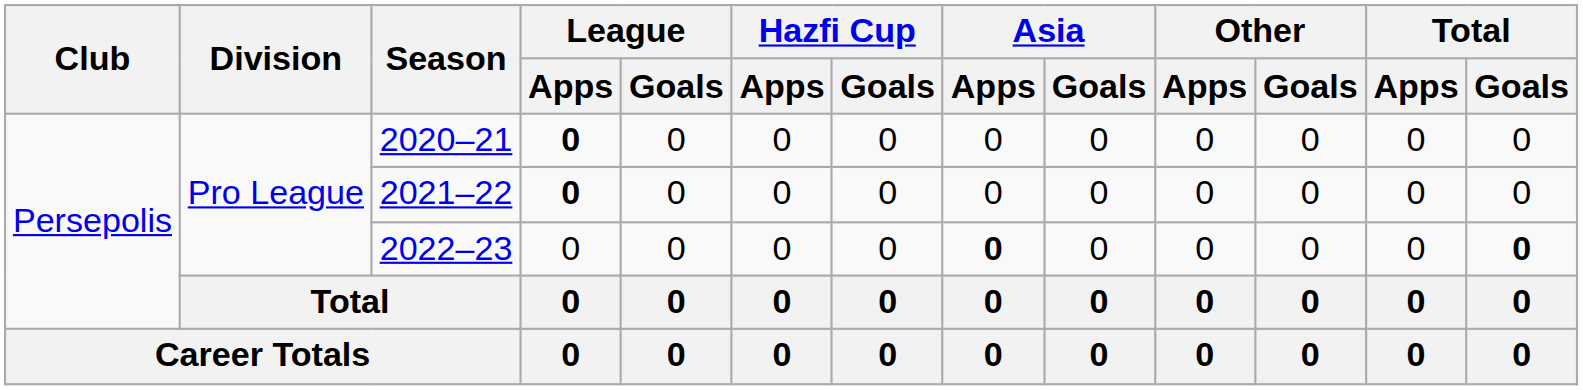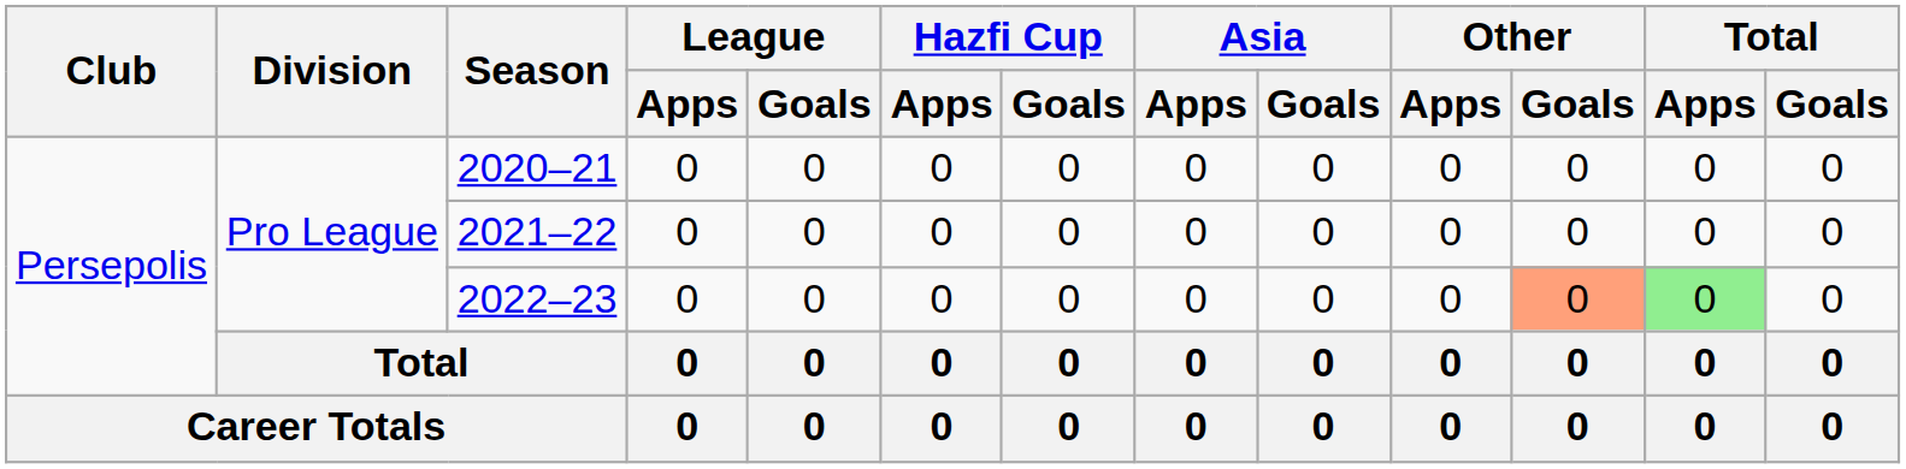 <table class="wikitable" style="text-align: center;">
 <tr>
 <th rowspan="2">Club</th>
 <th rowspan="2">Division</th>
 <th rowspan="2">Season</th>
 <th colspan="2">League</th>
 <th colspan="2"><a href='#'>Hazfi Cup</a></th>
 <th colspan="2"><a href='#'>Asia</a></th>
 <th colspan="2">Other</th>
 <th colspan="2">Total</th>
 </tr>
 <tr>
 <th>Apps</th>
 <th>Goals</th>
 <th>Apps</th>
 <th>Goals</th>
 <th>Apps</th>
 <th>Goals</th>
 <th>Apps</th>
 <th>Goals</th>
 <th>Apps</th>
 <th>Goals</th>
 </tr>
 <tr>
 <td rowspan="4"><a href='#'>Persepolis</a></td>
 <td rowspan="3"><a href='#'>Pro League</a></td>
 <td><a href='#'>2020–21</a></td>
-<td><strong>0</strong></td>
+<td>0</td>
 <td>0</td>
 <td>0</td>
 <td>0</td>
 <td>0</td>
 <td>0</td>
 <td>0</td>
 <td>0</td>
 <td>0</td>
 <td>0</td>
 </tr>
 <tr>
 <td><a href='#'>2021–22</a></td>
-<td><strong>0</strong></td>
+<td>0</td>
 <td>0</td>
 <td>0</td>
 <td>0</td>
 <td>0</td>
 <td>0</td>
 <td>0</td>
 <td>0</td>
 <td>0</td>
 <td>0</td>
 </tr>
 <tr>
 <td><a href='#'>2022–23</a></td>
 <td>0</td>
 <td>0</td>
 <td>0</td>
 <td>0</td>
-<td><strong>0</strong></td>
 <td>0</td>
 <td>0</td>
 <td>0</td>
+<td style="background: lightsalmon;">0</td>
+<td style="background: lightgreen;">0</td>
 <td>0</td>
-<td><strong>0</strong></td>
 </tr>
 <tr>
 <th colspan="2">Total</th>
 <th>0</th>
 <th>0</th>
 <th>0</th>
 <th>0</th>
 <th>0</th>
 <th>0</th>
 <th>0</th>
 <th>0</th>
 <th>0</th>
 <th>0</th>
 </tr>
 <tr>
 <th colspan="3">Career Totals</th>
 <th>0</th>
 <th>0</th>
 <th>0</th>
 <th>0</th>
 <th>0</th>
 <th>0</th>
 <th>0</th>
 <th>0</th>
 <th>0</th>
 <th>0</th>
 </tr>
 </table>
